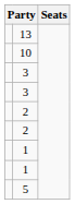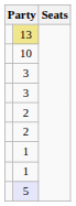 <table class="wikitable" style="font-size: 95%;">
 <tr>
 <th colspan=2>Party</th>
 <th>Seats</th>
 </tr>
 <tr>
 <td></td>
-<td align="center">13</td>
+<td align="center" style="background: khaki;">13</td>
 </tr>
 <tr>
 <td></td>
 <td align="center">10</td>
 </tr>
 <tr>
 <td></td>
 <td align="center">3</td>
 </tr>
 <tr>
 <td></td>
 <td align="center">3</td>
 </tr>
 <tr>
 <td></td>
 <td align="center">2</td>
 </tr>
 <tr>
 <td></td>
 <td align="center">2</td>
 </tr>
 <tr>
 <td></td>
 <td align="center">1</td>
 </tr>
 <tr>
 <td></td>
 <td align="center">1</td>
 </tr>
 <tr>
 <td></td>
-<td align="center">5</td>
+<td align="center" style="background: lavender;">5</td>
 </tr>
 </table>
